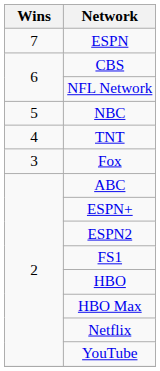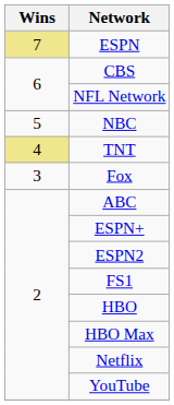 <table class="wikitable floatright" style="text-align: center;">
 <tr>
 <th scope="col" style="width:55px;">Wins</th>
 <th scope="col" style="text-align:center;">Network</th>
 </tr>
 <tr>
-<td scope=row style="text-align:center">7</td>
+<td scope=row style="background: khaki; text-align:center">7</td>
 <td><a href='#'>ESPN</a></td>
 </tr>
 <tr>
 <td rowspan="2" scope=row style="text-align:center">6</td>
 <td><a href='#'>CBS</a></td>
 </tr>
 <tr>
 <td><a href='#'>NFL Network</a></td>
 </tr>
 <tr>
 <td scope=row style="text-align:center">5</td>
 <td><a href='#'>NBC</a></td>
 </tr>
 <tr>
-<td scope=row style="text-align:center">4</td>
+<td scope=row style="background: khaki; text-align:center">4</td>
 <td><a href='#'>TNT</a></td>
 </tr>
 <tr>
 <td scope=row style="text-align:center">3</td>
 <td><a href='#'>Fox</a></td>
 </tr>
 <tr>
 <td rowspan="8" scope=row style="text-align:center">2</td>
 <td><a href='#'>ABC</a></td>
 </tr>
 <tr>
 <td><a href='#'>ESPN+</a></td>
 </tr>
 <tr>
 <td><a href='#'>ESPN2</a></td>
 </tr>
 <tr>
 <td><a href='#'>FS1</a></td>
 </tr>
 <tr>
 <td><a href='#'>HBO</a></td>
 </tr>
 <tr>
 <td><a href='#'>HBO Max</a></td>
 </tr>
 <tr>
 <td><a href='#'>Netflix</a></td>
 </tr>
 <tr>
 <td><a href='#'>YouTube</a></td>
 </tr>
 <tr>
 </tr>
 </table>
